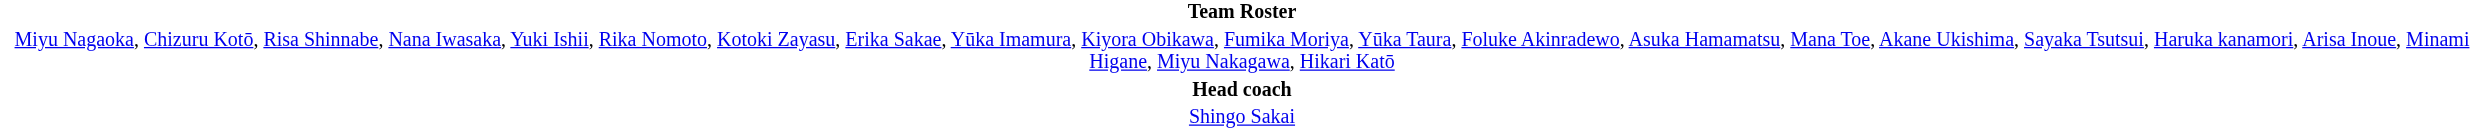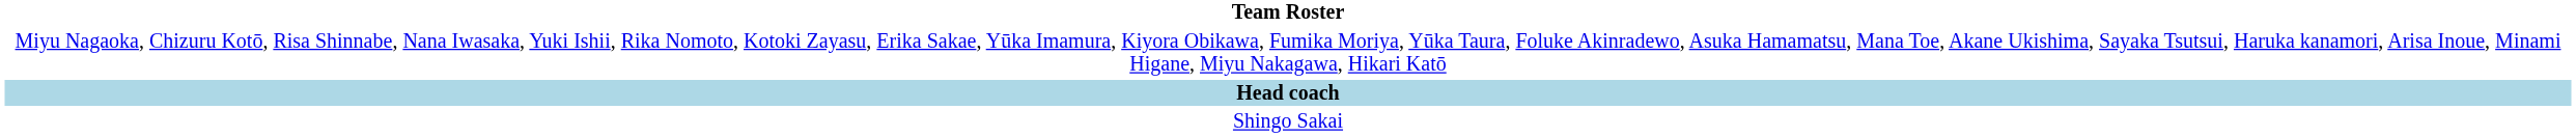 <table style="text-align: center; margin-top: 2em; margin-left: auto; margin-right: auto">
 <tr>
 <td><strong>Team Roster</strong></td>
 </tr>
 <tr>
 <td><a href='#'>Miyu Nagaoka</a>, <a href='#'>Chizuru Kotō</a>, <a href='#'>Risa Shinnabe</a>, <a href='#'>Nana Iwasaka</a>, <a href='#'>Yuki Ishii</a>, <a href='#'>Rika Nomoto</a>, <a href='#'>Kotoki Zayasu</a>, <a href='#'>Erika Sakae</a>, <a href='#'>Yūka Imamura</a>, <a href='#'>Kiyora Obikawa</a>, <a href='#'>Fumika Moriya</a>, <a href='#'>Yūka Taura</a>, <a href='#'>Foluke Akinradewo</a>, <a href='#'>Asuka Hamamatsu</a>, <a href='#'>Mana Toe</a>, <a href='#'>Akane Ukishima</a>, <a href='#'>Sayaka Tsutsui</a>, <a href='#'>Haruka kanamori</a>, <a href='#'>Arisa Inoue</a>, <a href='#'>Minami Higane</a>, <a href='#'>Miyu Nakagawa</a>, <a href='#'>Hikari Katō</a></td>
 </tr>
 <tr>
-<td><strong>Head coach</strong></td>
+<td style="background: lightblue;"><strong>Head coach</strong></td>
 </tr>
 <tr>
 <td><a href='#'>Shingo Sakai</a></td>
 </tr>
 </table>
